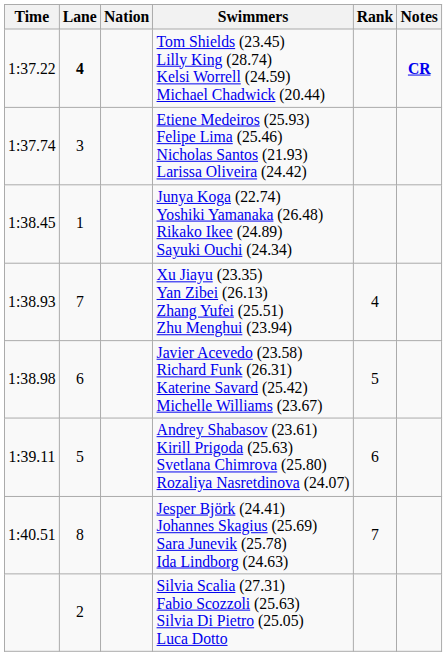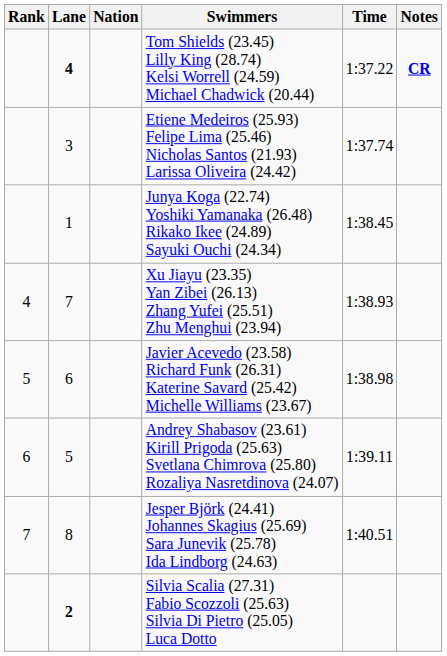 <table class="wikitable sortable" style="text-align:center">
 <tr>
-<th>Time</th>
+<th>Rank</th>
 <th>Lane</th>
 <th>Nation</th>
 <th>Swimmers</th>
-<th>Rank</th>
+<th>Time</th>
 <th>Notes</th>
 </tr>
 <tr>
-<td>1:37.22</td>
+<td></td>
 <td><strong>4</strong></td>
 <td align=left></td>
 <td align=left><a href='#'>Tom Shields</a> (23.45)<br><a href='#'>Lilly King</a> (28.74)<br><a href='#'>Kelsi Worrell</a> (24.59)<br><a href='#'>Michael Chadwick</a> (20.44)</td>
-<td></td>
+<td>1:37.22</td>
 <td><strong><a href='#'>CR</a></strong></td>
 </tr>
 <tr>
-<td>1:37.74</td>
+<td></td>
 <td>3</td>
 <td align=left></td>
 <td align=left><a href='#'>Etiene Medeiros</a> (25.93)<br><a href='#'>Felipe Lima</a> (25.46)<br><a href='#'>Nicholas Santos</a> (21.93)<br><a href='#'>Larissa Oliveira</a> (24.42)</td>
-<td></td>
-<td></td>
-</tr>
-<tr>
-<td>1:38.45</td>
-<td>1</td>
-<td align=left></td>
-<td align=left><a href='#'>Junya Koga</a> (22.74)<br><a href='#'>Yoshiki Yamanaka</a> (26.48)<br><a href='#'>Rikako Ikee</a> (24.89)<br><a href='#'>Sayuki Ouchi</a> (24.34)</td>
-<td></td>
-<td></td>
-</tr>
-<tr>
-<td>1:38.93</td>
-<td>7</td>
-<td align=left></td>
-<td align=left><a href='#'>Xu Jiayu</a> (23.35)<br><a href='#'>Yan Zibei</a> (26.13)<br><a href='#'>Zhang Yufei</a> (25.51)<br><a href='#'>Zhu Menghui</a> (23.94)</td>
-<td>4</td>
-<td></td>
-</tr>
-<tr>
-<td>1:38.98</td>
-<td>6</td>
-<td align=left></td>
-<td align=left><a href='#'>Javier Acevedo</a> (23.58)<br><a href='#'>Richard Funk</a> (26.31)<br><a href='#'>Katerine Savard</a> (25.42)<br><a href='#'>Michelle Williams</a> (23.67)</td>
-<td>5</td>
-<td></td>
-</tr>
-<tr>
-<td>1:39.11</td>
-<td>5</td>
-<td align=left></td>
-<td align=left><a href='#'>Andrey Shabasov</a> (23.61)<br><a href='#'>Kirill Prigoda</a> (25.63)<br><a href='#'>Svetlana Chimrova</a> (25.80)<br><a href='#'>Rozaliya Nasretdinova</a> (24.07)</td>
-<td>6</td>
-<td></td>
-</tr>
-<tr>
-<td>1:40.51</td>
-<td>8</td>
-<td align=left></td>
-<td align=left><a href='#'>Jesper Björk</a> (24.41)<br><a href='#'>Johannes Skagius</a> (25.69)<br><a href='#'>Sara Junevik</a> (25.78)<br><a href='#'>Ida Lindborg</a> (24.63)</td>
-<td>7</td>
+<td>1:37.74</td>
 <td></td>
 </tr>
 <tr>
 <td></td>
-<td>2</td>
+<td>1</td>
+<td align=left></td>
+<td align=left><a href='#'>Junya Koga</a> (22.74)<br><a href='#'>Yoshiki Yamanaka</a> (26.48)<br><a href='#'>Rikako Ikee</a> (24.89)<br><a href='#'>Sayuki Ouchi</a> (24.34)</td>
+<td>1:38.45</td>
+<td></td>
+</tr>
+<tr>
+<td>4</td>
+<td>7</td>
+<td align=left></td>
+<td align=left><a href='#'>Xu Jiayu</a> (23.35)<br><a href='#'>Yan Zibei</a> (26.13)<br><a href='#'>Zhang Yufei</a> (25.51)<br><a href='#'>Zhu Menghui</a> (23.94)</td>
+<td>1:38.93</td>
+<td></td>
+</tr>
+<tr>
+<td>5</td>
+<td>6</td>
+<td align=left></td>
+<td align=left><a href='#'>Javier Acevedo</a> (23.58)<br><a href='#'>Richard Funk</a> (26.31)<br><a href='#'>Katerine Savard</a> (25.42)<br><a href='#'>Michelle Williams</a> (23.67)</td>
+<td>1:38.98</td>
+<td></td>
+</tr>
+<tr>
+<td>6</td>
+<td>5</td>
+<td align=left></td>
+<td align=left><a href='#'>Andrey Shabasov</a> (23.61)<br><a href='#'>Kirill Prigoda</a> (25.63)<br><a href='#'>Svetlana Chimrova</a> (25.80)<br><a href='#'>Rozaliya Nasretdinova</a> (24.07)</td>
+<td>1:39.11</td>
+<td></td>
+</tr>
+<tr>
+<td>7</td>
+<td>8</td>
+<td align=left></td>
+<td align=left><a href='#'>Jesper Björk</a> (24.41)<br><a href='#'>Johannes Skagius</a> (25.69)<br><a href='#'>Sara Junevik</a> (25.78)<br><a href='#'>Ida Lindborg</a> (24.63)</td>
+<td>1:40.51</td>
+<td></td>
+</tr>
+<tr>
+<td></td>
+<td><strong>2</strong></td>
 <td align=left></td>
 <td align=left><a href='#'>Silvia Scalia</a> (27.31)<br><a href='#'>Fabio Scozzoli</a> (25.63)<br><a href='#'>Silvia Di Pietro</a> (25.05)<br><a href='#'>Luca Dotto</a></td>
 <td></td>
 <td></td>
 </tr>
 </table>
